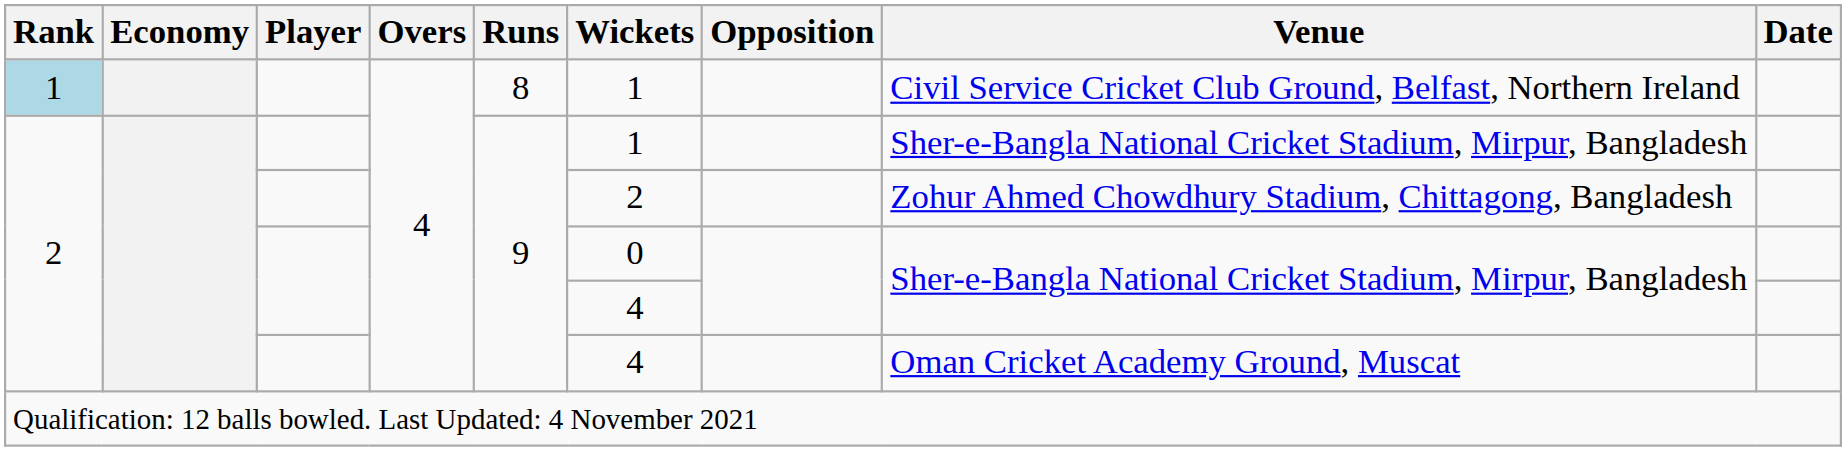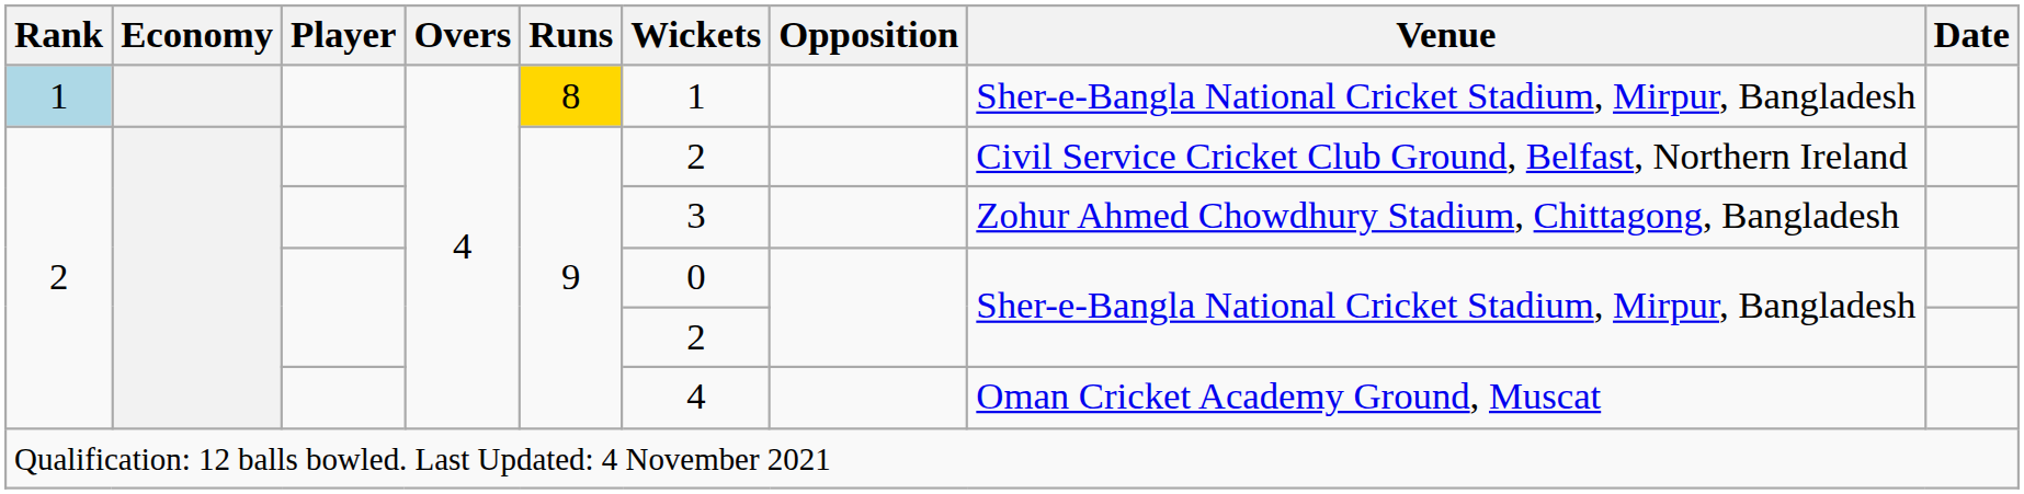 <table class="wikitable plainrowheaders sortable">
 <tr>
 <th scope=col>Rank</th>
 <th scope=col>Economy</th>
 <th scope=col>Player</th>
 <th scope=col>Overs</th>
 <th scope=col>Runs</th>
 <th scope=col>Wickets</th>
 <th scope=col>Opposition</th>
 <th scope=col>Venue</th>
 <th scope=col>Date</th>
 </tr>
 <tr>
 <td align=center style="background: lightblue;">1</td>
 <th scope=row style=text-align:center;></th>
 <td> </td>
 <td align=center rowspan=6>4</td>
-<td align=center>8</td>
+<td align=center style="background: gold;">8</td>
 <td align=center>1</td>
 <td></td>
-<td><a href='#'>Civil Service Cricket Club Ground</a>, <a href='#'>Belfast</a>, Northern Ireland</td>
+<td><a href='#'>Sher-e-Bangla National Cricket Stadium</a>, <a href='#'>Mirpur</a>, Bangladesh</td>
 <td> </td>
 </tr>
 <tr>
 <td align=center rowspan=5>2</td>
 <th scope=row style=text-align:center; rowspan=5></th>
 <td></td>
 <td align=center rowspan=5>9</td>
-<td align=center>1</td>
+<td align=center>2</td>
 <td></td>
-<td><a href='#'>Sher-e-Bangla National Cricket Stadium</a>, <a href='#'>Mirpur</a>, Bangladesh</td>
+<td><a href='#'>Civil Service Cricket Club Ground</a>, <a href='#'>Belfast</a>, Northern Ireland</td>
 <td></td>
 </tr>
 <tr>
 <td> </td>
-<td align=center>2</td>
+<td align=center>3</td>
 <td></td>
 <td><a href='#'>Zohur Ahmed Chowdhury Stadium</a>, <a href='#'>Chittagong</a>, Bangladesh</td>
 <td> </td>
 </tr>
 <tr>
 <td rowspan=2> </td>
 <td align=center>0</td>
 <td rowspan=2></td>
 <td rowspan=2><a href='#'>Sher-e-Bangla National Cricket Stadium</a>, <a href='#'>Mirpur</a>, Bangladesh</td>
 <td></td>
 </tr>
 <tr>
-<td align=center>4</td>
+<td align=center>2</td>
 <td></td>
 </tr>
 <tr>
 <td> </td>
 <td align=center>4</td>
 <td></td>
 <td><a href='#'>Oman Cricket Academy Ground</a>, <a href='#'>Muscat</a></td>
 <td> </td>
 </tr>
 <tr class=sortbottom>
 <td colspan=9><small>Qualification: 12 balls bowled. Last Updated: 4 November 2021</small></td>
 </tr>
 </table>
